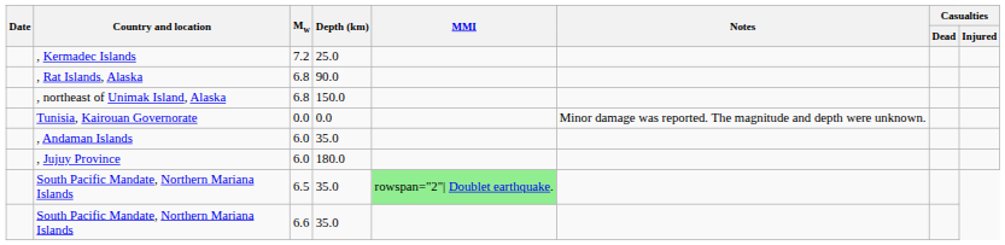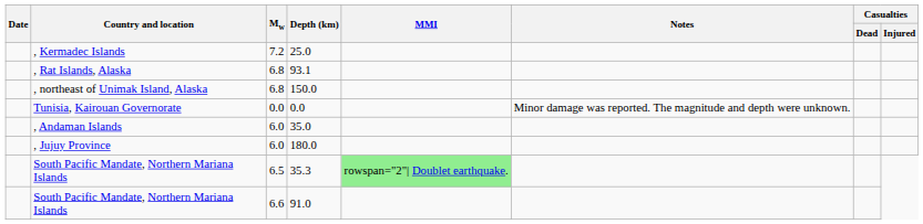 <table class="wikitable sortable sort-under" style="border:1px black; margin-left:1em;">
 <tr>
 <th rowspan="2"><small>Date</small></th>
 <th rowspan="2" style="width: 310px"><small>Country and location</small></th>
 <th rowspan="2"><small>M<sub>w</sub></small></th>
 <th rowspan="2"><small>Depth (km)</small></th>
 <th rowspan="2"><small><a href='#'>MMI</a></small></th>
 <th rowspan="2" class="unsortable"><small>Notes</small></th>
 <th colspan="2"><small>Casualties</small></th>
 </tr>
 <tr>
 <th><small>Dead</small></th>
 <th><small>Injured</small></th>
 </tr>
 <tr>
 <td></td>
 <td>, <a href='#'>Kermadec Islands</a></td>
 <td>7.2</td>
 <td>25.0</td>
 <td></td>
 <td></td>
 <td></td>
 <td></td>
 </tr>
 <tr>
 <td></td>
 <td>, <a href='#'>Rat Islands</a>, <a href='#'>Alaska</a></td>
 <td>6.8</td>
-<td>90.0</td>
+<td>93.1</td>
 <td></td>
 <td></td>
 <td></td>
 <td></td>
 </tr>
 <tr>
 <td></td>
 <td>, northeast of <a href='#'>Unimak Island</a>, <a href='#'>Alaska</a></td>
 <td>6.8</td>
 <td>150.0</td>
 <td></td>
 <td></td>
 <td></td>
 <td></td>
 </tr>
 <tr>
 <td></td>
 <td> <a href='#'>Tunisia</a>, <a href='#'>Kairouan Governorate</a></td>
 <td>0.0</td>
 <td>0.0</td>
 <td></td>
 <td>Minor damage was reported. The magnitude and depth were unknown.</td>
 <td></td>
 <td></td>
 </tr>
 <tr>
 <td></td>
 <td>, <a href='#'>Andaman Islands</a></td>
 <td>6.0</td>
 <td>35.0</td>
 <td></td>
 <td></td>
 <td></td>
 <td></td>
 </tr>
 <tr>
 <td></td>
 <td>, <a href='#'>Jujuy Province</a></td>
 <td>6.0</td>
 <td>180.0</td>
 <td></td>
 <td></td>
 <td></td>
 <td></td>
 </tr>
 <tr>
 <td></td>
 <td> <a href='#'>South Pacific Mandate</a>, <a href='#'>Northern Mariana Islands</a></td>
 <td>6.5</td>
-<td>35.0</td>
+<td>35.3</td>
 <td style="background: lightgreen;">rowspan="2"| <a href='#'>Doublet earthquake</a>.</td>
 <td></td>
 <td></td>
 </tr>
 <tr>
 <td></td>
 <td> <a href='#'>South Pacific Mandate</a>, <a href='#'>Northern Mariana Islands</a></td>
 <td>6.6</td>
-<td>35.0</td>
+<td>91.0</td>
 <td></td>
 <td></td>
 <td></td>
 </tr>
 </table>
